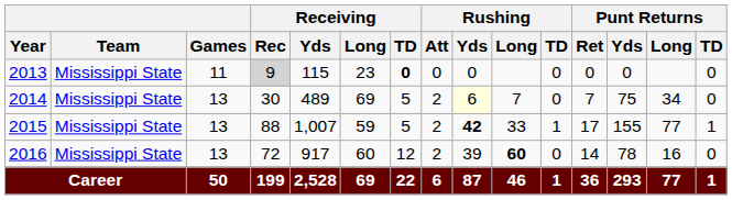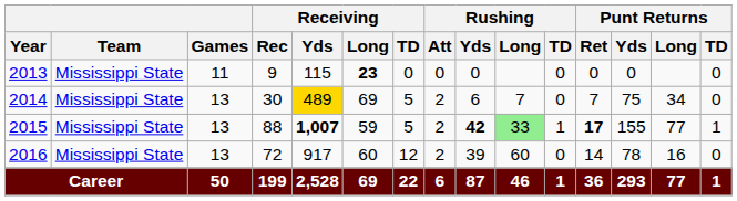 <table class="wikitable" style="text-align:center;">
 <tr>
 <th colspan="3"></th>
 <th colspan="4">Receiving</th>
 <th colspan="4">Rushing</th>
 <th colspan="4">Punt Returns</th>
 </tr>
 <tr>
 <th>Year</th>
 <th>Team</th>
 <th>Games</th>
 <th>Rec</th>
 <th>Yds</th>
 <th>Long</th>
 <th>TD</th>
 <th>Att</th>
 <th>Yds</th>
 <th>Long</th>
 <th>TD</th>
 <th>Ret</th>
 <th>Yds</th>
 <th>Long</th>
 <th>TD</th>
 </tr>
 <tr>
 <td><a href='#'>2013</a></td>
 <td><a href='#'>Mississippi State</a></td>
 <td>11</td>
-<td style="background: lightgrey;">9</td>
+<td>9</td>
 <td>115</td>
-<td>23</td>
-<td><strong>0</strong></td>
+<td><strong>23</strong></td>
+<td>0</td>
 <td>0</td>
 <td>0</td>
 <td></td>
 <td>0</td>
 <td>0</td>
 <td>0</td>
 <td></td>
 <td>0</td>
 </tr>
 <tr>
 <td><a href='#'>2014</a></td>
 <td><a href='#'>Mississippi State</a></td>
 <td>13</td>
 <td>30</td>
-<td>489</td>
+<td style="background: gold;">489</td>
 <td>69</td>
 <td>5</td>
 <td>2</td>
-<td style="background: lightyellow;">6</td>
+<td>6</td>
 <td>7</td>
 <td>0</td>
 <td>7</td>
 <td>75</td>
 <td>34</td>
 <td>0</td>
 </tr>
 <tr>
 <td><a href='#'>2015</a></td>
 <td><a href='#'>Mississippi State</a></td>
 <td>13</td>
 <td>88</td>
-<td>1,007</td>
+<td><strong>1,007</strong></td>
 <td>59</td>
 <td>5</td>
 <td>2</td>
 <td><strong>42</strong></td>
-<td>33</td>
+<td style="background: lightgreen;">33</td>
 <td>1</td>
-<td>17</td>
+<td><strong>17</strong></td>
 <td>155</td>
 <td>77</td>
 <td>1</td>
 </tr>
 <tr>
 <td><a href='#'>2016</a></td>
 <td><a href='#'>Mississippi State</a></td>
 <td>13</td>
 <td>72</td>
 <td>917</td>
 <td>60</td>
 <td>12</td>
 <td>2</td>
 <td>39</td>
-<td><strong>60</strong></td>
+<td>60</td>
 <td>0</td>
 <td>14</td>
 <td>78</td>
 <td>16</td>
 <td>0</td>
 </tr>
 <tr>
 </tr>
 <tr style="background:#660000; font-weight:bold; color:white;">
 <td colspan=2>Career</td>
 <td>50</td>
 <td>199</td>
 <td>2,528</td>
 <td>69</td>
 <td>22</td>
 <td>6</td>
 <td>87</td>
 <td>46</td>
 <td>1</td>
 <td>36</td>
 <td>293</td>
 <td>77</td>
 <td>1</td>
 </tr>
 </table>
